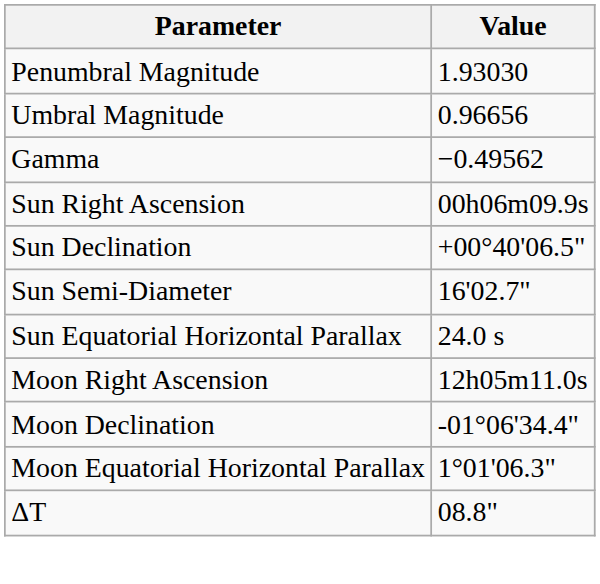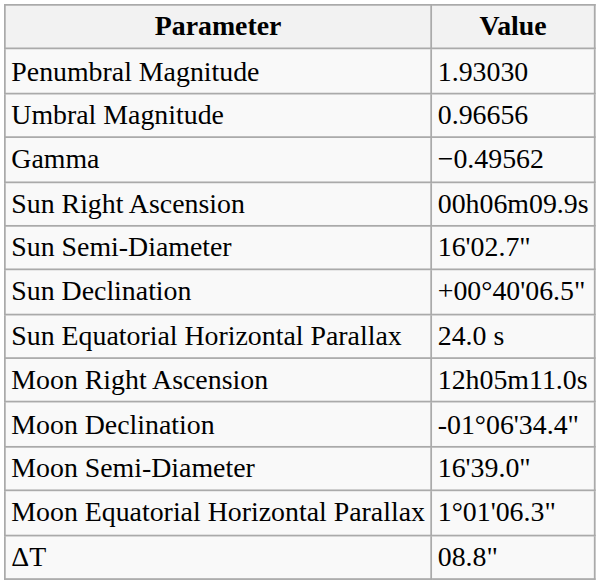 <table class="wikitable">
 <tr>
 <th>Parameter</th>
 <th>Value</th>
 </tr>
 <tr>
 <td>Penumbral Magnitude</td>
 <td>1.93030</td>
 </tr>
 <tr>
 <td>Umbral Magnitude</td>
 <td>0.96656</td>
 </tr>
 <tr>
 <td>Gamma</td>
 <td>−0.49562</td>
 </tr>
 <tr>
 <td>Sun Right Ascension</td>
 <td>00h06m09.9s</td>
 </tr>
 <tr>
+<td>Sun Semi-Diameter</td>
+<td>16'02.7"</td>
+</tr>
+<tr>
 <td>Sun Declination</td>
 <td>+00°40'06.5"</td>
-</tr>
-<tr>
-<td>Sun Semi-Diameter</td>
-<td>16'02.7"</td>
 </tr>
 <tr>
 <td>Sun Equatorial Horizontal Parallax</td>
 <td>24.0 s</td>
 </tr>
 <tr>
 <td>Moon Right Ascension</td>
 <td>12h05m11.0s</td>
 </tr>
 <tr>
 <td>Moon Declination</td>
 <td>-01°06'34.4"</td>
 </tr>
 <tr>
+<td>Moon Semi-Diameter</td>
+<td>16'39.0"</td>
+</tr>
+<tr>
 <td>Moon Equatorial Horizontal Parallax</td>
 <td>1°01'06.3"</td>
 </tr>
 <tr>
 <td>ΔT</td>
 <td>08.8"</td>
 </tr>
 </table>
